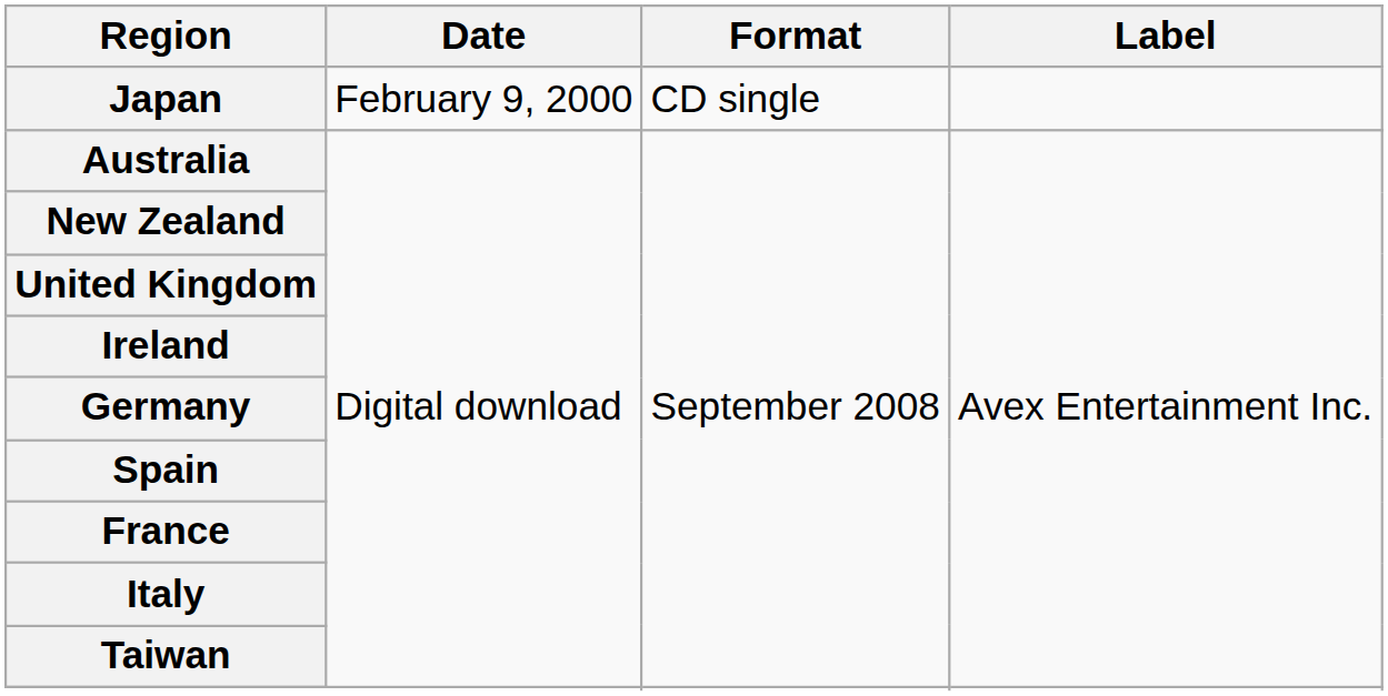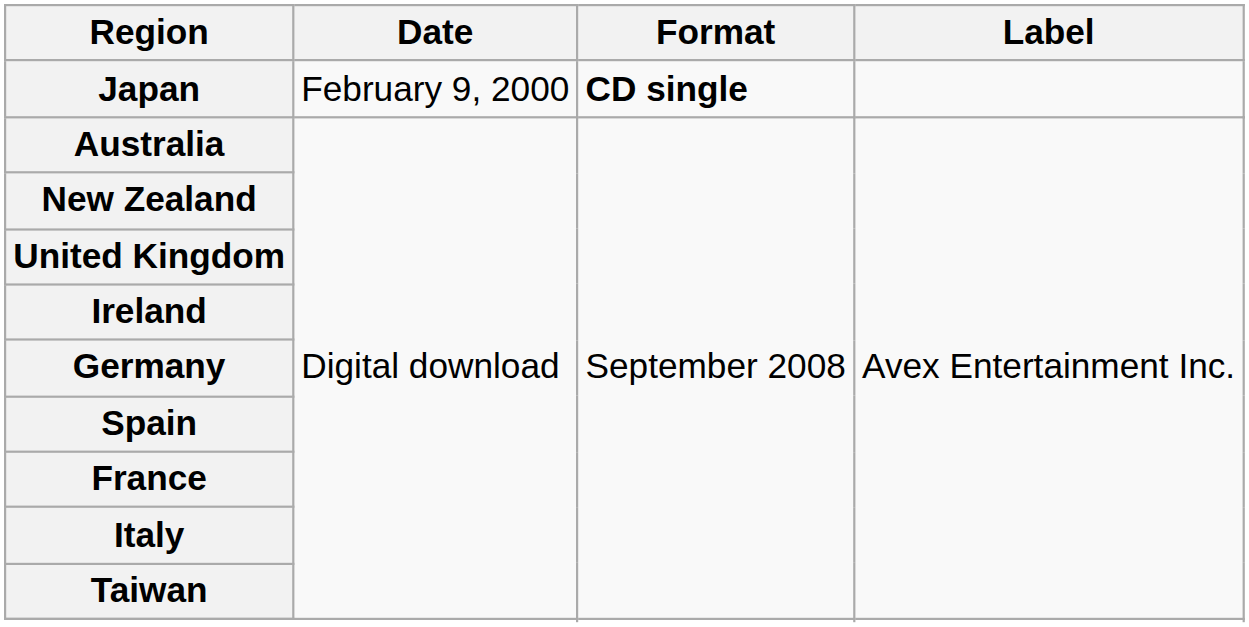 <table class="wikitable plainrowheaders">
 <tr>
 <th scope="col">Region</th>
 <th scope="col">Date</th>
 <th scope="col">Format</th>
 <th scope="col">Label</th>
 </tr>
 <tr>
 <th scope="row" rowspan="2">Japan</th>
 <td>February 9, 2000</td>
-<td>CD single</td>
+<td><strong>CD single</strong></td>
 <td></td>
 </tr>
 <tr>
 <td rowspan="11">Digital download</td>
 <td rowspan="11">September 2008</td>
 <td rowspan="11">Avex Entertainment Inc.</td>
 </tr>
 <tr>
 <th scope="row">Australia</th>
 </tr>
 <tr>
 <th scope="row">New Zealand</th>
 </tr>
 <tr>
 <th scope="row">United Kingdom</th>
 </tr>
 <tr>
 <th scope="row">Ireland</th>
 </tr>
 <tr>
 <th scope="row">Germany</th>
 </tr>
 <tr>
 <th scope="row">Spain</th>
 </tr>
 <tr>
 <th scope="row">France</th>
 </tr>
 <tr>
 <th scope="row">Italy</th>
 </tr>
 <tr>
 <th scope="row">Taiwan</th>
 </tr>
 <tr>
 </tr>
 </table>
